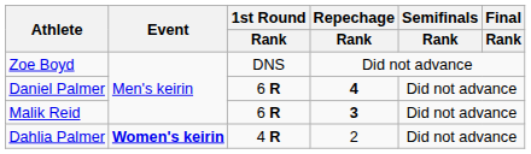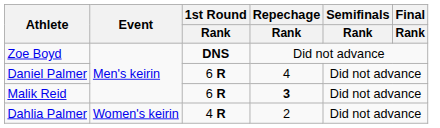 <table class=wikitable style=font-size:90%;text-align:center>
 <tr>
 <th rowspan=2>Athlete</th>
 <th rowspan=2>Event</th>
 <th>1st Round</th>
 <th>Repechage</th>
 <th>Semifinals</th>
 <th>Final</th>
 </tr>
 <tr style=font-size:95%>
 <th>Rank</th>
 <th>Rank</th>
 <th>Rank</th>
 <th>Rank</th>
 </tr>
 <tr align=center>
 <td align=left><a href='#'>Zoe Boyd</a></td>
 <td align=left rowspan=3><a href='#'>Men's keirin</a></td>
-<td>DNS</td>
+<td><strong>DNS</strong></td>
 <td colspan=3>Did not advance</td>
 </tr>
 <tr align=center>
 <td align=left><a href='#'>Daniel Palmer</a></td>
 <td>6 <strong>R</strong></td>
-<td><strong>4</strong></td>
+<td>4</td>
 <td colspan=2>Did not advance</td>
 </tr>
 <tr align=center>
 <td align=left><a href='#'>Malik Reid</a></td>
 <td>6 <strong>R</strong></td>
 <td><strong>3</strong></td>
 <td colspan=2>Did not advance</td>
 </tr>
 <tr align=center>
 <td align=left><a href='#'>Dahlia Palmer</a></td>
-<td align=left rowspan=1><strong><a href='#'>Women's keirin</a></strong></td>
+<td align=left rowspan=1><a href='#'>Women's keirin</a></td>
 <td>4 <strong>R</strong></td>
 <td>2</td>
 <td colspan=2>Did not advance</td>
 </tr>
 </table>
